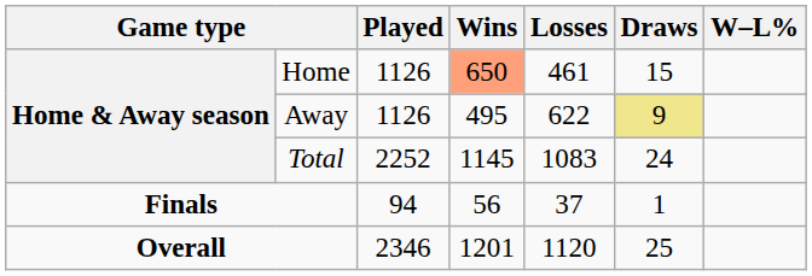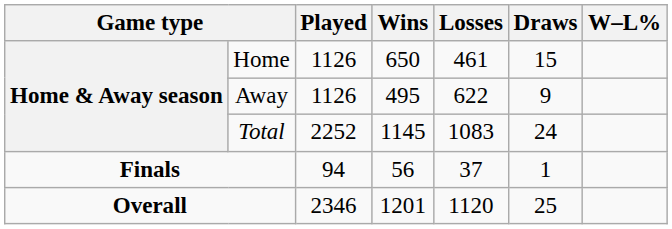 <table class="wikitable" style="text-align:center;">
 <tr>
 <th colspan=2>Game type</th>
 <th>Played</th>
 <th>Wins</th>
 <th>Losses</th>
 <th>Draws</th>
 <th>W–L%</th>
 </tr>
 <tr>
 <th rowspan="3">Home & Away season</th>
 <td>Home</td>
 <td>1126</td>
-<td style="background: lightsalmon;">650</td>
+<td>650</td>
 <td>461</td>
 <td>15</td>
 <td></td>
 </tr>
 <tr>
 <td>Away</td>
 <td>1126</td>
 <td>495</td>
 <td>622</td>
-<td style="background: khaki;">9</td>
+<td>9</td>
 <td></td>
 </tr>
 <tr>
 <td><em>Total</em></td>
 <td>2252</td>
 <td>1145</td>
 <td>1083</td>
 <td>24</td>
 <td></td>
 </tr>
 <tr>
 <td colspan=2><strong>Finals</strong></td>
 <td>94</td>
 <td>56</td>
 <td>37</td>
 <td>1</td>
 <td></td>
 </tr>
 <tr>
 <td colspan=2><strong>Overall</strong></td>
 <td>2346</td>
 <td>1201</td>
 <td>1120</td>
 <td>25</td>
 <td></td>
 </tr>
 </table>
